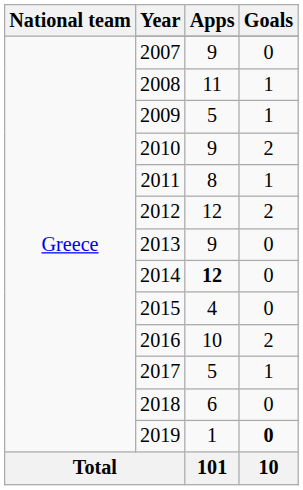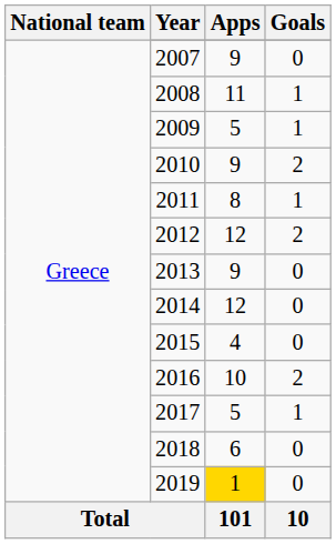 <table class="wikitable" style="text-align:center">
 <tr>
 <th>National team</th>
 <th>Year</th>
 <th>Apps</th>
 <th>Goals</th>
 </tr>
 <tr>
 <td rowspan="14"><a href='#'>Greece</a></td>
 </tr>
 <tr>
 <td>2007</td>
 <td>9</td>
 <td>0</td>
 </tr>
 <tr>
 <td>2008</td>
 <td>11</td>
 <td>1</td>
 </tr>
 <tr>
 <td>2009</td>
 <td>5</td>
 <td>1</td>
 </tr>
 <tr>
 <td>2010</td>
 <td>9</td>
 <td>2</td>
 </tr>
 <tr>
 <td>2011</td>
 <td>8</td>
 <td>1</td>
 </tr>
 <tr>
 <td>2012</td>
 <td>12</td>
 <td>2</td>
 </tr>
 <tr>
 <td>2013</td>
 <td>9</td>
 <td>0</td>
 </tr>
 <tr>
 <td>2014</td>
-<td><strong>12</strong></td>
+<td>12</td>
 <td>0</td>
 </tr>
 <tr>
 <td>2015</td>
 <td>4</td>
 <td>0</td>
 </tr>
 <tr>
 <td>2016</td>
 <td>10</td>
 <td>2</td>
 </tr>
 <tr>
 <td>2017</td>
 <td>5</td>
 <td>1</td>
 </tr>
 <tr>
 <td>2018</td>
 <td>6</td>
 <td>0</td>
 </tr>
 <tr>
 <td>2019</td>
-<td>1</td>
-<td><strong>0</strong></td>
+<td style="background: gold;">1</td>
+<td>0</td>
 </tr>
 <tr>
 <th colspan="2">Total</th>
 <th>101</th>
 <th>10</th>
 </tr>
 </table>
